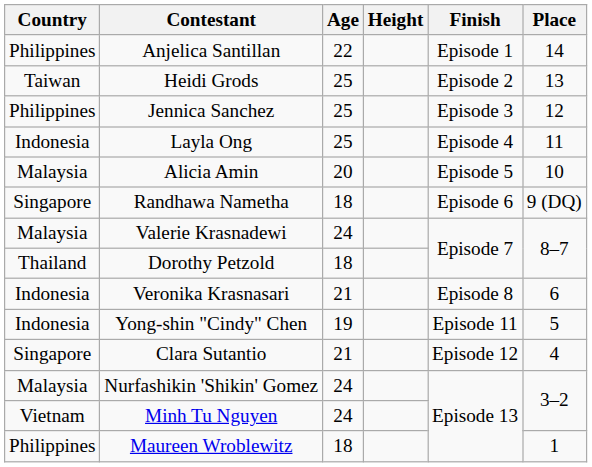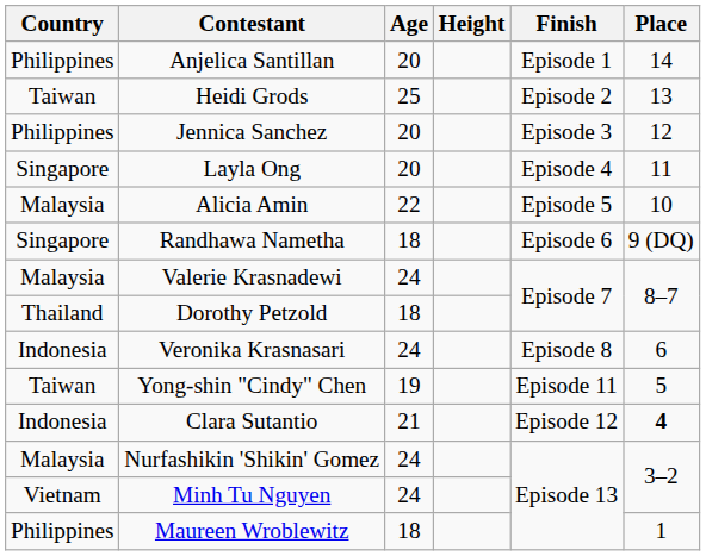 <table class="wikitable sortable" style="text-align:center;">
 <tr>
 <th>Country</th>
 <th>Contestant</th>
 <th>Age</th>
 <th>Height</th>
 <th>Finish</th>
 <th>Place</th>
 </tr>
 <tr>
 <td>Philippines</td>
 <td>Anjelica Santillan</td>
-<td>22</td>
+<td>20</td>
 <td></td>
 <td>Episode 1</td>
 <td>14</td>
 </tr>
 <tr>
 <td>Taiwan</td>
 <td>Heidi Grods</td>
 <td>25</td>
 <td></td>
 <td>Episode 2</td>
 <td>13</td>
 </tr>
 <tr>
 <td>Philippines</td>
 <td>Jennica Sanchez</td>
-<td>25</td>
+<td>20</td>
 <td></td>
 <td>Episode 3</td>
 <td>12</td>
 </tr>
 <tr>
-<td>Indonesia</td>
+<td>Singapore</td>
 <td>Layla Ong</td>
-<td>25</td>
+<td>20</td>
 <td></td>
 <td>Episode 4</td>
 <td>11</td>
 </tr>
 <tr>
 <td>Malaysia</td>
 <td>Alicia Amin</td>
-<td>20</td>
+<td>22</td>
 <td></td>
 <td>Episode 5</td>
 <td>10</td>
 </tr>
 <tr>
 <td>Singapore</td>
 <td>Randhawa Nametha</td>
 <td>18</td>
 <td></td>
 <td>Episode 6</td>
 <td>9 (DQ)</td>
 </tr>
 <tr>
 <td>Malaysia</td>
 <td>Valerie Krasnadewi</td>
 <td>24</td>
 <td></td>
 <td rowspan=2>Episode 7</td>
 <td rowspan="2">8–7</td>
 </tr>
 <tr>
 <td>Thailand</td>
 <td>Dorothy Petzold</td>
 <td>18</td>
 <td></td>
 </tr>
 <tr>
 <td>Indonesia</td>
 <td>Veronika Krasnasari</td>
-<td>21</td>
+<td>24</td>
 <td></td>
 <td>Episode 8</td>
 <td>6</td>
 </tr>
 <tr>
-<td>Indonesia</td>
+<td>Taiwan</td>
 <td>Yong-shin "Cindy" Chen</td>
 <td>19</td>
 <td></td>
 <td>Episode 11</td>
 <td>5</td>
 </tr>
 <tr>
-<td>Singapore</td>
+<td>Indonesia</td>
 <td>Clara Sutantio</td>
 <td>21</td>
 <td></td>
 <td>Episode 12</td>
-<td>4</td>
+<td><strong>4</strong></td>
 </tr>
 <tr>
 <td>Malaysia</td>
 <td>Nurfashikin 'Shikin' Gomez</td>
 <td>24</td>
 <td></td>
 <td rowspan="3">Episode 13</td>
 <td rowspan="2">3–2</td>
 </tr>
 <tr>
 <td>Vietnam</td>
 <td><a href='#'>Minh Tu Nguyen</a></td>
 <td>24</td>
 <td></td>
 </tr>
 <tr>
 <td>Philippines</td>
 <td><a href='#'>Maureen Wroblewitz</a></td>
 <td>18</td>
 <td></td>
 <td>1</td>
 </tr>
 </table>
